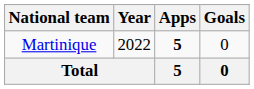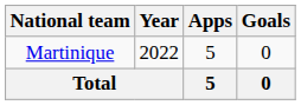 <table class="wikitable" style="text-align:center">
 <tr>
 <th>National team</th>
 <th>Year</th>
 <th>Apps</th>
 <th>Goals</th>
 </tr>
 <tr>
 <td><a href='#'>Martinique</a></td>
 <td>2022</td>
-<td><strong>5</strong></td>
+<td>5</td>
 <td>0</td>
 </tr>
 <tr>
 <th colspan="2">Total</th>
 <th>5</th>
 <th>0</th>
 </tr>
 </table>
